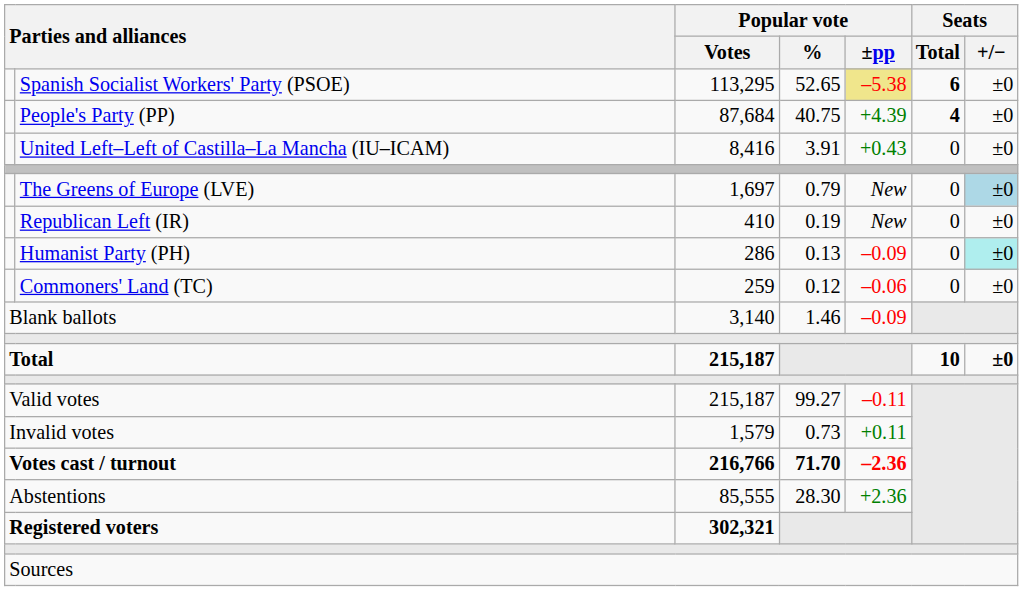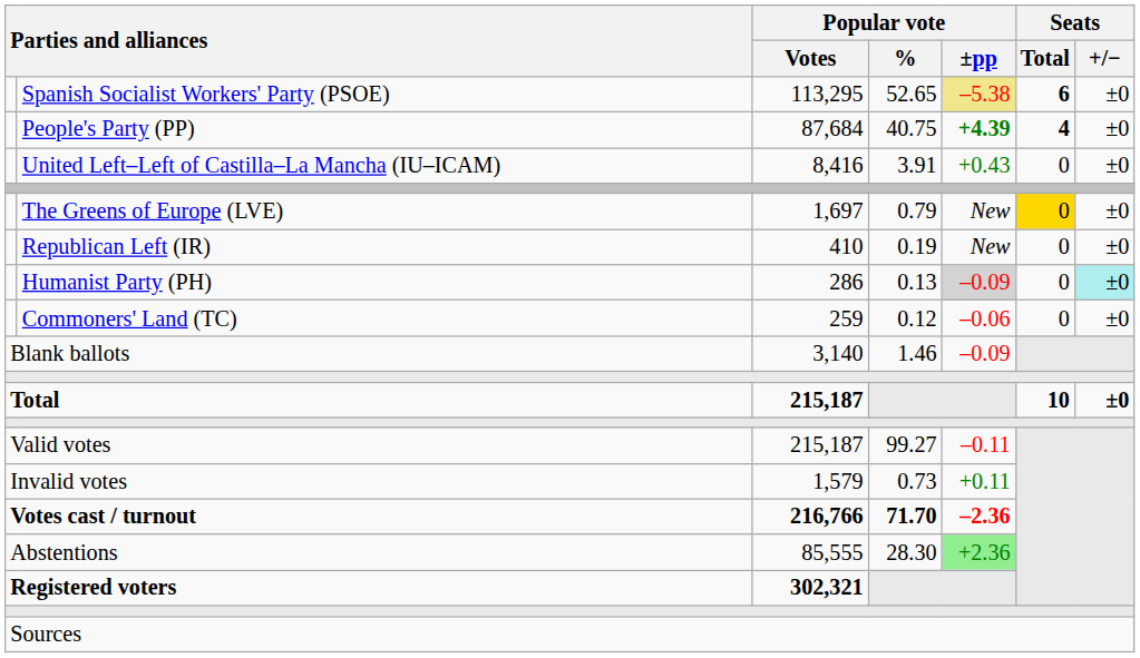 <table class="wikitable" style="text-align:right;">
 <tr>
 <th style="text-align:left;" rowspan="2" colspan="2" width="525">Parties and alliances</th>
 <th colspan="3">Popular vote</th>
 <th colspan="2">Seats</th>
 </tr>
 <tr>
 <th width="75">Votes</th>
 <th width="45">%</th>
 <th width="45">±<a href='#'>pp</a></th>
 <th width="35">Total</th>
 <th width="35">+/−</th>
 </tr>
 <tr>
 <td width="1" style="color:inherit;background:"></td>
 <td align="left"><a href='#'>Spanish Socialist Workers' Party</a> (PSOE)</td>
 <td>113,295</td>
 <td>52.65</td>
 <td style="background: khaki; color:red;">–5.38</td>
 <td><strong>6</strong></td>
 <td>±0</td>
 </tr>
 <tr>
 <td style="color:inherit;background:"></td>
 <td align="left"><a href='#'>People's Party</a> (PP)</td>
 <td>87,684</td>
 <td>40.75</td>
-<td style="color:green;">+4.39</td>
+<td style="color:green;"><strong>+4.39</strong></td>
 <td><strong>4</strong></td>
 <td>±0</td>
 </tr>
 <tr>
 <td style="color:inherit;background:"></td>
 <td align="left"><a href='#'>United Left–Left of Castilla–La Mancha</a> (IU–ICAM)</td>
 <td>8,416</td>
 <td>3.91</td>
 <td style="color:green;">+0.43</td>
 <td>0</td>
 <td>±0</td>
 </tr>
 <tr>
 <td colspan="7" bgcolor="#C0C0C0"></td>
 </tr>
 <tr>
 <td style="color:inherit;background:"></td>
 <td align="left"><a href='#'>The Greens of Europe</a> (LVE)</td>
 <td>1,697</td>
 <td>0.79</td>
 <td><em>New</em></td>
-<td>0</td>
-<td style="background: lightblue;">±0</td>
+<td style="background: gold;">0</td>
+<td>±0</td>
 </tr>
 <tr>
 <td style="color:inherit;background:"></td>
 <td align="left"><a href='#'>Republican Left</a> (IR)</td>
 <td>410</td>
 <td>0.19</td>
 <td><em>New</em></td>
 <td>0</td>
 <td>±0</td>
 </tr>
 <tr>
 <td style="color:inherit;background:"></td>
 <td align="left"><a href='#'>Humanist Party</a> (PH)</td>
 <td>286</td>
 <td>0.13</td>
-<td style="color:red;">–0.09</td>
+<td style="background: lightgrey; color:red;">–0.09</td>
 <td>0</td>
 <td style="background: paleturquoise;">±0</td>
 </tr>
 <tr>
 <td style="color:inherit;background:"></td>
 <td align="left"><a href='#'>Commoners' Land</a> (TC)</td>
 <td>259</td>
 <td>0.12</td>
 <td style="color:red;">–0.06</td>
 <td>0</td>
 <td>±0</td>
 </tr>
 <tr>
 <td align="left" colspan="2">Blank ballots</td>
 <td>3,140</td>
 <td>1.46</td>
 <td style="color:red;">–0.09</td>
 <td bgcolor="#E9E9E9" colspan="2"></td>
 </tr>
 <tr>
 <td colspan="7" bgcolor="#E9E9E9"></td>
 </tr>
 <tr style="font-weight:bold;">
 <td align="left" colspan="2">Total</td>
 <td>215,187</td>
 <td bgcolor="#E9E9E9" colspan="2"></td>
 <td>10</td>
 <td>±0</td>
 </tr>
 <tr>
 <td colspan="7" bgcolor="#E9E9E9"></td>
 </tr>
 <tr>
 <td align="left" colspan="2">Valid votes</td>
 <td>215,187</td>
 <td>99.27</td>
 <td style="color:red;">–0.11</td>
 <td bgcolor="#E9E9E9" colspan="2" rowspan="5"></td>
 </tr>
 <tr>
 <td align="left" colspan="2">Invalid votes</td>
 <td>1,579</td>
 <td>0.73</td>
 <td style="color:green;">+0.11</td>
 </tr>
 <tr style="font-weight:bold;">
 <td align="left" colspan="2">Votes cast / turnout</td>
 <td>216,766</td>
 <td>71.70</td>
 <td style="color:red;">–2.36</td>
 </tr>
 <tr>
 <td align="left" colspan="2">Abstentions</td>
 <td>85,555</td>
 <td>28.30</td>
-<td style="color:green;">+2.36</td>
+<td style="background: lightgreen; color:green;">+2.36</td>
 </tr>
 <tr style="font-weight:bold;">
 <td align="left" colspan="2">Registered voters</td>
 <td>302,321</td>
 <td bgcolor="#E9E9E9" colspan="2"></td>
 </tr>
 <tr>
 <td colspan="7" bgcolor="#E9E9E9"></td>
 </tr>
 <tr>
 <td align="left" colspan="7">Sources</td>
 </tr>
 </table>
